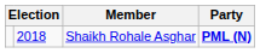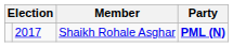 <table class="wikitable">
 <tr>
 <th colspan="2">Election</th>
 <th>Member</th>
 <th>Party</th>
 </tr>
 <tr>
 <td style="background-color: "></td>
-<td><a href='#'>2018</a></td>
+<td><a href='#'>2017</a></td>
 <td><a href='#'>Shaikh Rohale Asghar</a></td>
 <td><strong><a href='#'>PML (N)</a></strong></td>
 </tr>
 </table>
